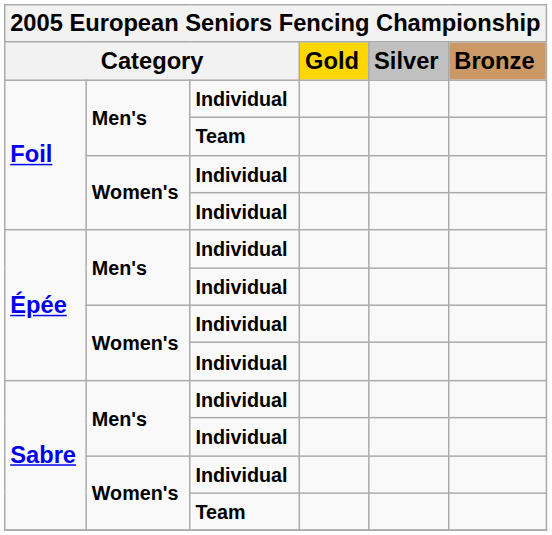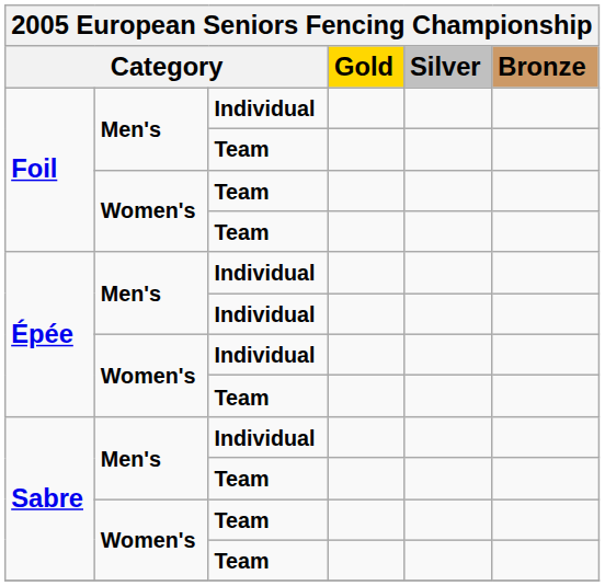 <table class="wikitable">
 <tr>
 <th colspan=6 style="border-right:0px;";><strong>2005 European Seniors Fencing Championship</strong></th>
 </tr>
 <tr bgcolor="#efefef">
 <th colspan=3 align=center><strong>Category</strong></th>
 <td bgcolor="gold"><strong>Gold</strong></td>
 <td bgcolor="silver"><strong>Silver</strong></td>
 <td bgcolor="CC9966"><strong>Bronze</strong></td>
 </tr>
 <tr>
 <td rowspan=4><strong><a href='#'>Foil</a></strong></td>
 <td rowspan=2><small><strong>Men's</strong> </small></td>
 <td><small><strong>Individual</strong> </small></td>
 <td></td>
 <td></td>
 <td><br></td>
 </tr>
 <tr>
 <td><small> <strong>Team</strong> </small></td>
 <td></td>
 <td></td>
 <td></td>
 </tr>
 <tr>
 <td rowspan=2><small> <strong>Women's</strong> </small></td>
-<td><small><strong>Individual</strong> </small></td>
+<td><small> <strong>Team</strong> </small></td>
 <td></td>
 <td></td>
 <td><br></td>
 </tr>
 <tr>
-<td><small><strong>Individual</strong> </small></td>
+<td><small> <strong>Team</strong> </small></td>
 <td></td>
 <td></td>
 <td></td>
 </tr>
 <tr>
 <td rowspan=4><strong><a href='#'>Épée</a></strong></td>
 <td rowspan=2><small><strong>Men's</strong> </small></td>
 <td><small><strong>Individual</strong> </small></td>
 <td></td>
 <td></td>
 <td><br></td>
 </tr>
 <tr>
 <td><small><strong>Individual</strong> </small></td>
 <td></td>
 <td></td>
 <td></td>
 </tr>
 <tr>
 <td rowspan=2><small> <strong>Women's</strong> </small></td>
 <td><small><strong>Individual</strong> </small></td>
 <td></td>
 <td></td>
 <td><br></td>
 </tr>
 <tr>
-<td><small><strong>Individual</strong> </small></td>
+<td><small> <strong>Team</strong> </small></td>
 <td></td>
 <td></td>
 <td></td>
 </tr>
 <tr>
 <td rowspan=4><strong><a href='#'>Sabre</a></strong></td>
 <td rowspan=2><small><strong>Men's</strong> </small></td>
 <td><small><strong>Individual</strong> </small></td>
 <td></td>
 <td></td>
 <td><br></td>
 </tr>
 <tr>
-<td><small><strong>Individual</strong> </small></td>
+<td><small> <strong>Team</strong> </small></td>
 <td></td>
 <td></td>
 <td></td>
 </tr>
 <tr>
 <td rowspan=2><small> <strong>Women's</strong> </small></td>
-<td><small><strong>Individual</strong> </small></td>
+<td><small> <strong>Team</strong> </small></td>
 <td></td>
 <td></td>
 <td><br></td>
 </tr>
 <tr>
 <td><small> <strong>Team</strong> </small></td>
 <td></td>
 <td></td>
 <td></td>
 </tr>
 <tr>
 </tr>
 </table>
